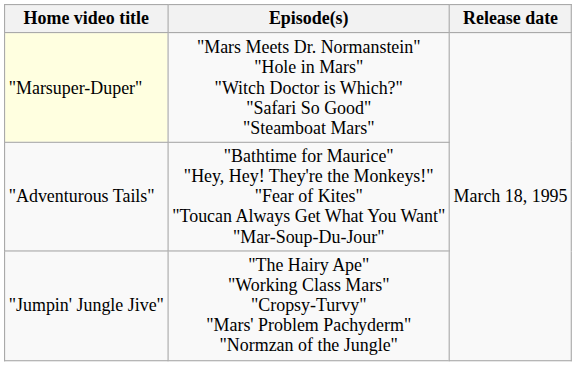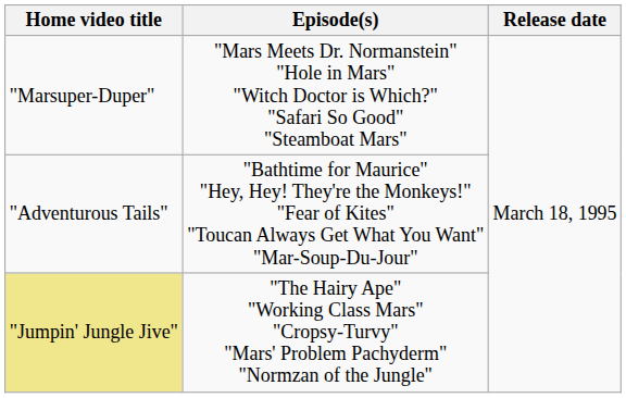 <table class="wikitable">
 <tr>
 <th>Home video title</th>
 <th>Episode(s)</th>
 <th>Release date</th>
 </tr>
 <tr>
-<td style="background: lightyellow;">"Marsuper-Duper"</td>
+<td>"Marsuper-Duper"</td>
 <td style="text-align:center;">"Mars Meets Dr. Normanstein"<br>"Hole in Mars"<br>"Witch Doctor is Which?"<br>"Safari So Good"<br>"Steamboat Mars"</td>
 <td rowspan="3">March 18, 1995</td>
 </tr>
 <tr>
 <td>"Adventurous Tails"</td>
 <td style="text-align:center;">"Bathtime for Maurice"<br>"Hey, Hey! They're the Monkeys!"<br>"Fear of Kites"<br>"Toucan Always Get What You Want"<br>"Mar-Soup-Du-Jour"</td>
 </tr>
 <tr>
-<td>"Jumpin' Jungle Jive"</td>
+<td style="background: khaki;">"Jumpin' Jungle Jive"</td>
 <td style="text-align:center;">"The Hairy Ape"<br>"Working Class Mars"<br>"Cropsy-Turvy"<br>"Mars' Problem Pachyderm"<br>"Normzan of the Jungle"</td>
 </tr>
 </table>
